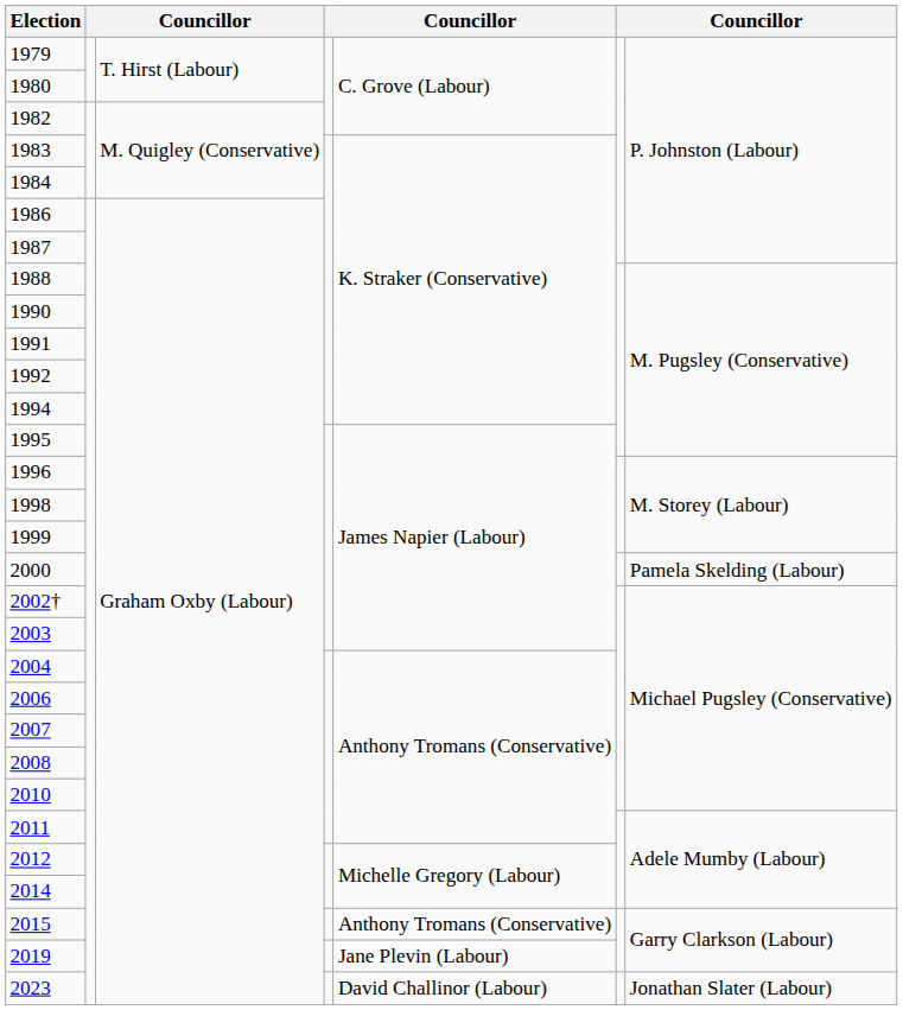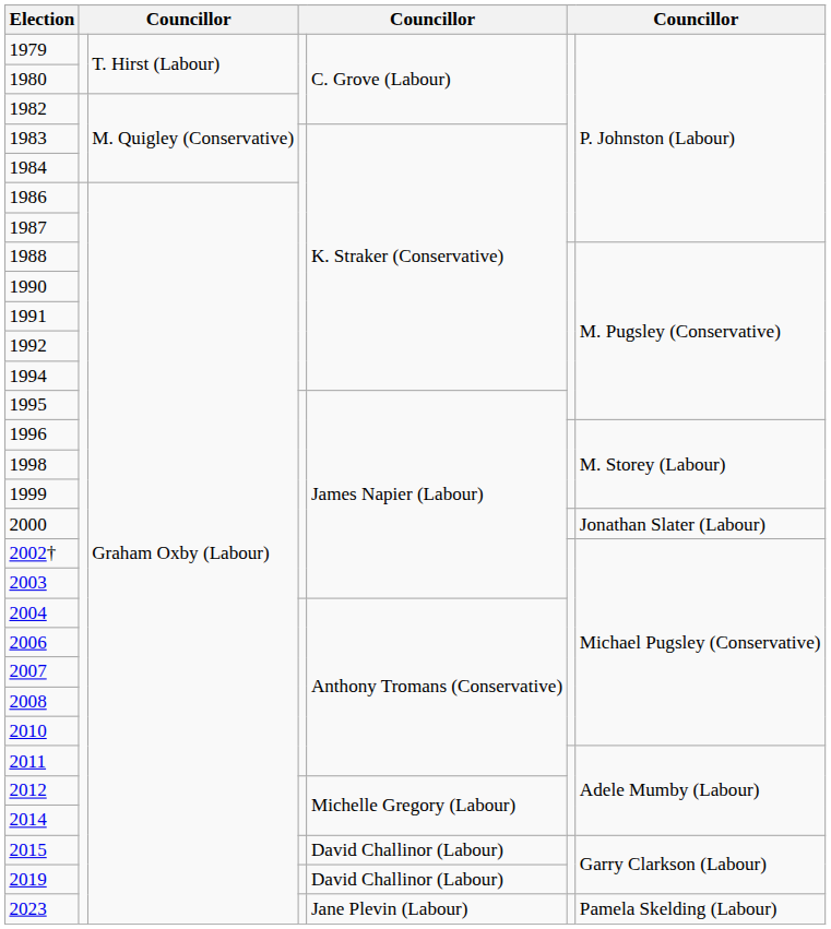 <table class="wikitable">
 <tr>
 <th>Election</th>
 <th colspan="2">Councillor</th>
 <th colspan="2">Councillor</th>
 <th colspan="2">Councillor</th>
 </tr>
 <tr>
 <td>1979</td>
 <td rowspan="2" style="background-color: "></td>
 <td rowspan="2">T. Hirst (Labour)</td>
 <td rowspan="3" style="background-color: "></td>
 <td rowspan="3">C. Grove (Labour)</td>
 <td rowspan="7" style="background-color: "></td>
 <td rowspan="7">P. Johnston (Labour)</td>
 </tr>
 <tr>
 <td>1980</td>
 </tr>
 <tr>
 <td>1982</td>
 <td rowspan="3" style="background-color: "></td>
 <td rowspan="3">M. Quigley (Conservative)</td>
 </tr>
 <tr>
 <td>1983</td>
 <td rowspan="9" style="background-color: "></td>
 <td rowspan="9">K. Straker (Conservative)</td>
 </tr>
 <tr>
 <td>1984</td>
 </tr>
 <tr>
 <td>1986</td>
 <td rowspan="25" style="background-color: "></td>
 <td rowspan="25">Graham Oxby (Labour)</td>
 </tr>
 <tr>
 <td>1987</td>
 </tr>
 <tr>
 <td>1988</td>
 <td rowspan="6" style="background-color: "></td>
 <td rowspan="6">M. Pugsley (Conservative)</td>
 </tr>
 <tr>
 <td>1990</td>
 </tr>
 <tr>
 <td>1991</td>
 </tr>
 <tr>
 <td>1992</td>
 </tr>
 <tr>
 <td>1994</td>
 </tr>
 <tr>
 <td>1995</td>
 <td rowspan="7" style="background-color: "></td>
 <td rowspan="7">James Napier (Labour)</td>
 </tr>
 <tr>
 <td>1996</td>
 <td rowspan="3" style="background-color: "></td>
 <td rowspan="3">M. Storey (Labour)</td>
 </tr>
 <tr>
 <td>1998</td>
 </tr>
 <tr>
 <td>1999</td>
 </tr>
 <tr>
 <td>2000</td>
 <td style="background-color: "></td>
-<td>Pamela Skelding (Labour)</td>
+<td>Jonathan Slater (Labour)</td>
 </tr>
 <tr>
 <td><a href='#'>2002</a>†</td>
 <td rowspan="7" style="background-color: "></td>
 <td rowspan="7">Michael Pugsley (Conservative)</td>
 </tr>
 <tr>
 <td><a href='#'>2003</a></td>
 </tr>
 <tr>
 <td><a href='#'>2004</a></td>
 <td rowspan="6" style="background-color: "></td>
 <td rowspan="6">Anthony Tromans (Conservative)</td>
 </tr>
 <tr>
 <td><a href='#'>2006</a></td>
 </tr>
 <tr>
 <td><a href='#'>2007</a></td>
 </tr>
 <tr>
 <td><a href='#'>2008</a></td>
 </tr>
 <tr>
 <td><a href='#'>2010</a></td>
 </tr>
 <tr>
 <td><a href='#'>2011</a></td>
 <td rowspan="3" style="background-color: "></td>
 <td rowspan="3">Adele Mumby (Labour)</td>
 </tr>
 <tr>
 <td><a href='#'>2012</a></td>
 <td rowspan="2" style="background-color: "></td>
 <td rowspan="2">Michelle Gregory (Labour)</td>
 </tr>
 <tr>
 <td><a href='#'>2014</a></td>
 </tr>
 <tr>
 <td><a href='#'>2015</a></td>
 <td style="background-color: "></td>
-<td>Anthony Tromans (Conservative)</td>
+<td>David Challinor (Labour)</td>
 <td rowspan="2" style="background-color: "></td>
 <td rowspan="2">Garry Clarkson (Labour)</td>
 </tr>
 <tr>
 <td><a href='#'>2019</a></td>
 <td style="background-color: "></td>
-<td>Jane Plevin (Labour)</td>
+<td>David Challinor (Labour)</td>
 </tr>
 <tr>
 <td><a href='#'>2023</a></td>
 <td style="background-color: "></td>
-<td>David Challinor (Labour)</td>
+<td>Jane Plevin (Labour)</td>
 <td style="background-color: "></td>
-<td>Jonathan Slater (Labour)</td>
+<td>Pamela Skelding (Labour)</td>
 </tr>
 </table>
